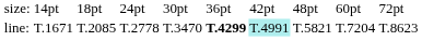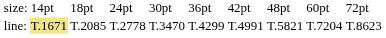 <table style="margin-left:40px;">
 <tr>
 <td>size:</td>
 <td>14pt</td>
 <td>18pt</td>
 <td>24pt</td>
 <td>30pt</td>
 <td>36pt</td>
 <td>42pt</td>
 <td>48pt</td>
 <td>60pt</td>
 <td>72pt</td>
 </tr>
 <tr>
 <td>line:</td>
-<td>T.1671</td>
+<td style="background: khaki;">T.1671</td>
 <td>T.2085</td>
 <td>T.2778</td>
 <td>T.3470</td>
-<td><strong>T.4299</strong></td>
-<td style="background: paleturquoise;">T.4991</td>
+<td>T.4299</td>
+<td>T.4991</td>
 <td>T.5821</td>
 <td>T.7204</td>
 <td>T.8623</td>
 </tr>
 </table>
